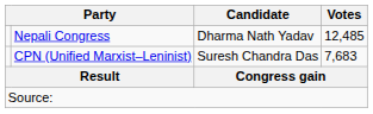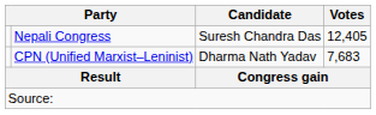 <table class="wikitable">
 <tr>
 <th colspan="2">Party</th>
 <th>Candidate</th>
 <th>Votes</th>
 </tr>
 <tr>
 <td style="background-color:"></td>
 <td><a href='#'>Nepali Congress</a></td>
-<td>Dharma Nath Yadav</td>
-<td>12,485</td>
+<td>Suresh Chandra Das</td>
+<td>12,405</td>
 </tr>
 <tr>
 <td style="background-color:"></td>
 <td><a href='#'>CPN (Unified Marxist–Leninist)</a></td>
-<td>Suresh Chandra Das</td>
+<td>Dharma Nath Yadav</td>
 <td>7,683</td>
 </tr>
 <tr>
 <th colspan="2">Result</th>
 <th colspan="2">Congress gain</th>
 </tr>
 <tr>
 <td colspan="4">Source: </td>
 </tr>
 </table>
